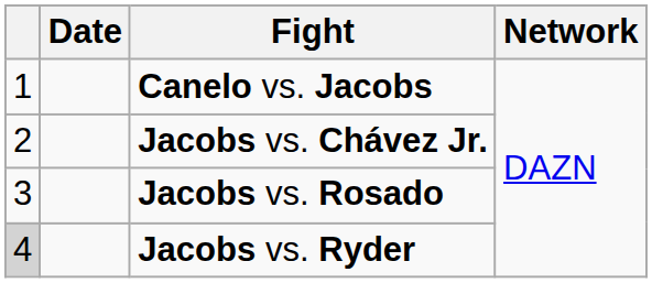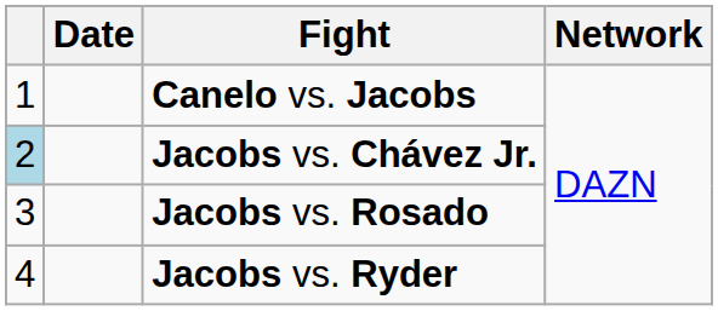 <table class="wikitable">
 <tr>
 <th></th>
 <th>Date</th>
 <th>Fight</th>
 <th>Network</th>
 </tr>
 <tr>
 <td>1</td>
 <td></td>
 <td><strong>Canelo</strong> vs. <strong>Jacobs</strong></td>
 <td rowspan="4"><a href='#'>DAZN</a></td>
 </tr>
 <tr>
-<td>2</td>
+<td style="background: lightblue;">2</td>
 <td></td>
 <td><strong>Jacobs</strong> vs. <strong>Chávez Jr.</strong></td>
 </tr>
 <tr>
 <td>3</td>
 <td></td>
 <td><strong>Jacobs</strong> vs. <strong>Rosado</strong></td>
 </tr>
 <tr>
-<td style="background: lightgrey;">4</td>
+<td>4</td>
 <td></td>
 <td><strong>Jacobs</strong> vs. <strong>Ryder</strong></td>
 </tr>
 </table>
